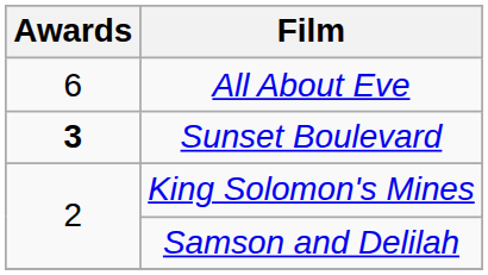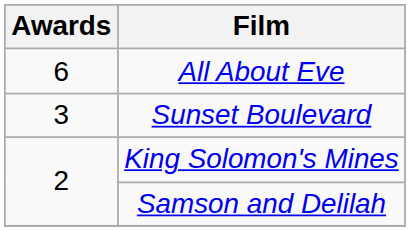 <table class="wikitable" rowspan="2" style="text-align:center;">
 <tr>
 <th scope="col" style="width:55px;">Awards</th>
 <th scope="col" style="text-align:center;">Film</th>
 </tr>
 <tr>
 <td rowspan=1, style="text-align:center">6</td>
 <td><em><a href='#'>All About Eve</a></em></td>
 </tr>
 <tr>
-<td rowspan=1, style="text-align:center"><strong>3</strong></td>
+<td rowspan=1, style="text-align:center">3</td>
 <td><em><a href='#'>Sunset Boulevard</a></em></td>
 </tr>
 <tr>
 <td rowspan=2, style="text-align:center">2</td>
 <td><em><a href='#'>King Solomon's Mines</a></em></td>
 </tr>
 <tr>
 <td><em><a href='#'>Samson and Delilah</a></em></td>
 </tr>
 <tr>
 </tr>
 </table>
